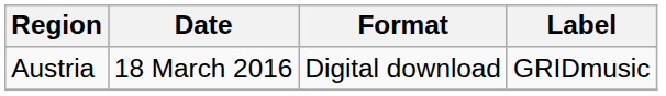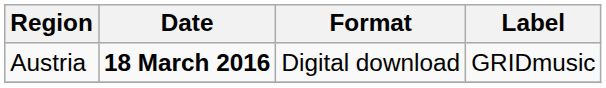 <table class=wikitable>
 <tr>
 <th>Region</th>
 <th>Date</th>
 <th>Format</th>
 <th>Label</th>
 </tr>
 <tr>
 <td>Austria</td>
-<td>18 March 2016</td>
+<td><strong>18 March 2016</strong></td>
 <td>Digital download</td>
 <td>GRIDmusic</td>
 </tr>
 <tr>
 </tr>
 </table>
